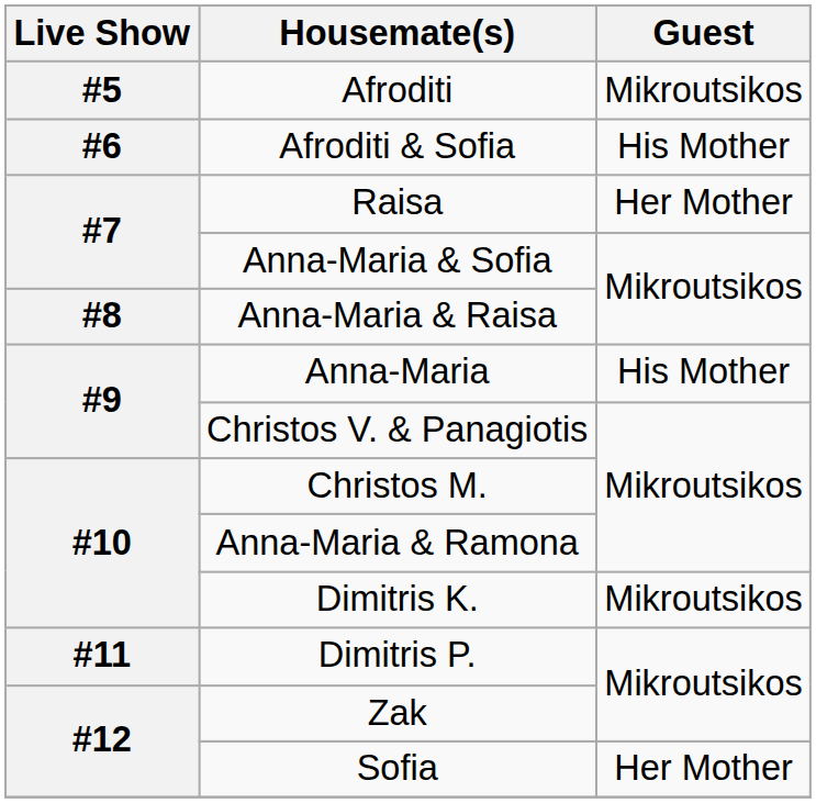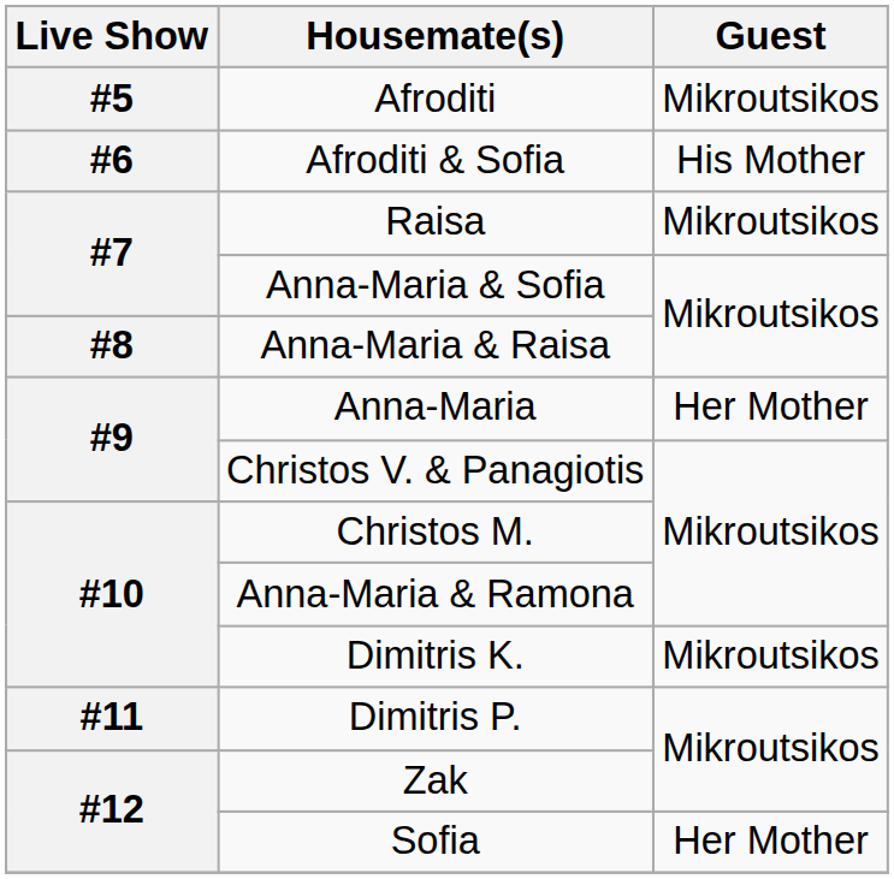 <table class="wikitable" style="text-align:center;">
 <tr>
 <th>Live Show</th>
 <th>Housemate(s)</th>
 <th>Guest</th>
 </tr>
 <tr>
 <th>#5</th>
 <td>Afroditi</td>
 <td>Mikroutsikos</td>
 </tr>
 <tr>
 <th>#6</th>
 <td>Afroditi & Sofia</td>
 <td>His Mother</td>
 </tr>
 <tr>
 <th rowspan="2">#7</th>
 <td>Raisa</td>
-<td>Her Mother</td>
+<td>Mikroutsikos</td>
 </tr>
 <tr>
 <td>Anna-Maria & Sofia</td>
 <td rowspan="2">Mikroutsikos</td>
 </tr>
 <tr>
 <th>#8</th>
 <td>Anna-Maria & Raisa</td>
 </tr>
 <tr>
 <th rowspan="2">#9</th>
 <td>Anna-Maria</td>
-<td>His Mother</td>
+<td>Her Mother</td>
 </tr>
 <tr>
 <td>Christos V. & Panagiotis</td>
 <td rowspan="3">Mikroutsikos</td>
 </tr>
 <tr>
 <th rowspan="3">#10</th>
 <td>Christos M.</td>
 </tr>
 <tr>
 <td>Anna-Maria & Ramona</td>
 </tr>
 <tr>
 <td>Dimitris K.</td>
 <td>Mikroutsikos</td>
 </tr>
 <tr>
 <th>#11</th>
 <td>Dimitris P.</td>
 <td rowspan="2">Mikroutsikos</td>
 </tr>
 <tr>
 <th rowspan="2">#12</th>
 <td>Zak</td>
 </tr>
 <tr>
 <td>Sofia</td>
 <td>Her Mother</td>
 </tr>
 <tr>
 </tr>
 </table>
